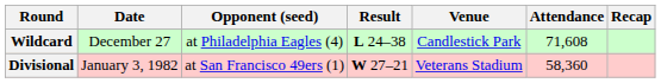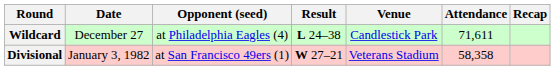 <table class="wikitable" style="text-align:center">
 <tr>
 <th>Round</th>
 <th>Date</th>
 <th>Opponent (seed)</th>
 <th>Result</th>
 <th>Venue</th>
 <th>Attendance</th>
 <th>Recap</th>
 </tr>
 <tr style="background:#cfc">
 <th>Wildcard</th>
 <td>December 27</td>
 <td>at <a href='#'>Philadelphia Eagles</a> (4)</td>
 <td><strong>L</strong> 24–38</td>
 <td><a href='#'>Candlestick Park</a></td>
-<td>71,608</td>
+<td>71,611</td>
 <td></td>
 </tr>
 <tr style="background:#fcc">
 <th>Divisional</th>
 <td>January 3, 1982</td>
 <td>at <a href='#'>San Francisco 49ers</a> (1)</td>
 <td><strong>W</strong> 27–21</td>
 <td><a href='#'>Veterans Stadium</a></td>
-<td>58,360</td>
+<td>58,358</td>
 <td></td>
 </tr>
 </table>
